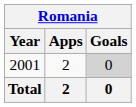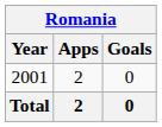 <table class="wikitable" style="text-align:center">
 <tr>
 <th colspan=3><a href='#'>Romania</a></th>
 </tr>
 <tr>
 <th>Year</th>
 <th>Apps</th>
 <th>Goals</th>
 </tr>
 <tr>
 <td>2001</td>
 <td>2</td>
-<td style="background: lightgrey;">0</td>
+<td>0</td>
 </tr>
 <tr>
 <th>Total</th>
 <th>2</th>
 <th>0</th>
 </tr>
 </table>
